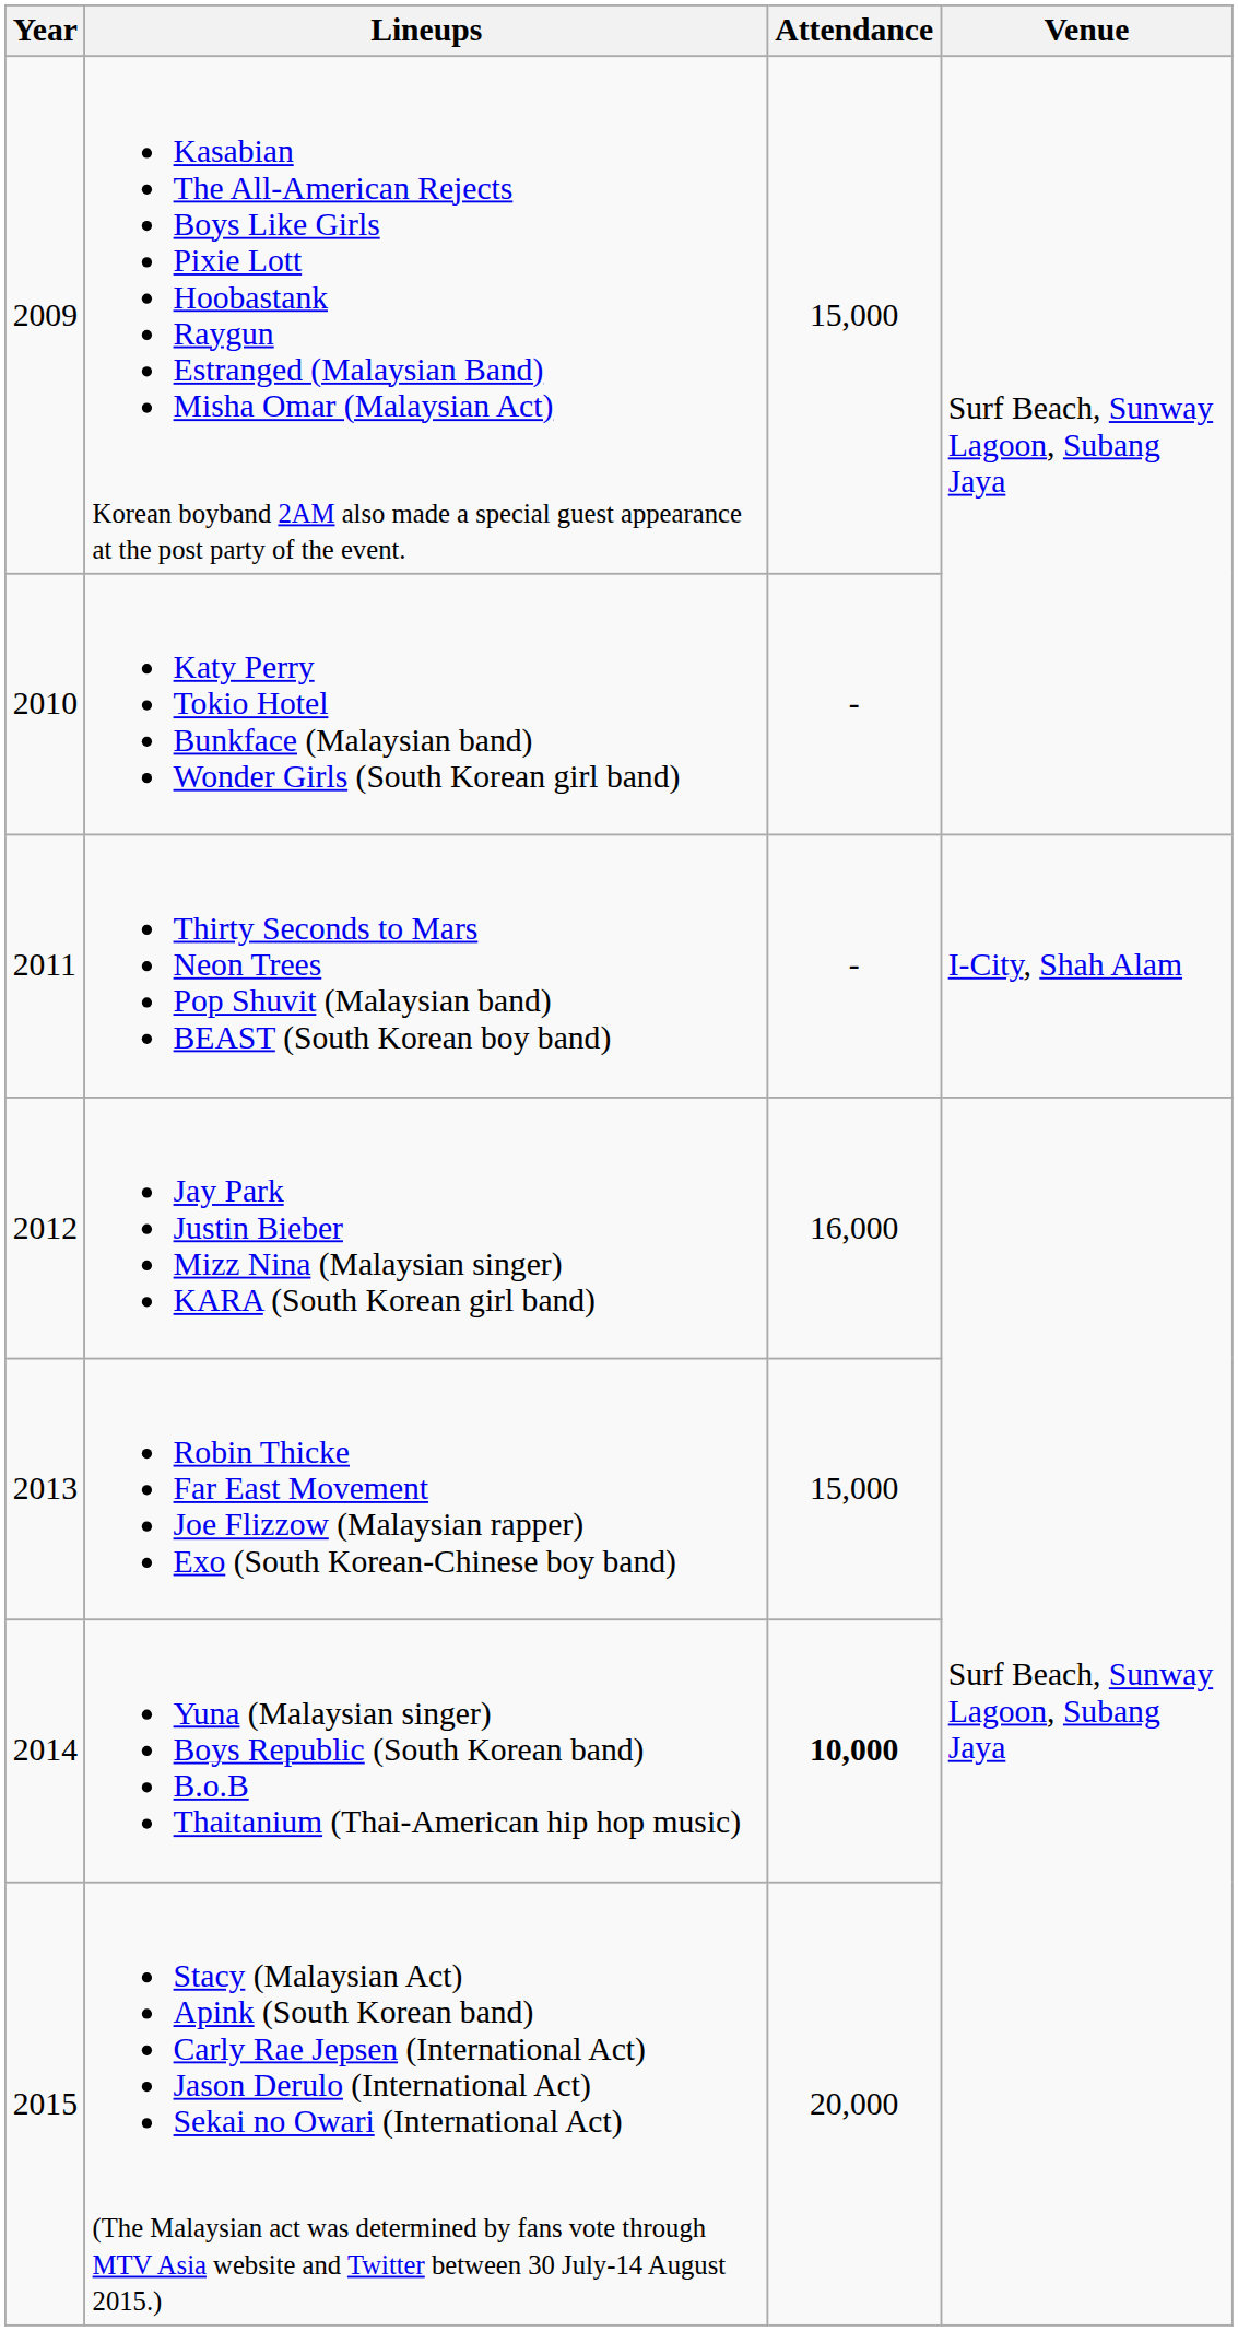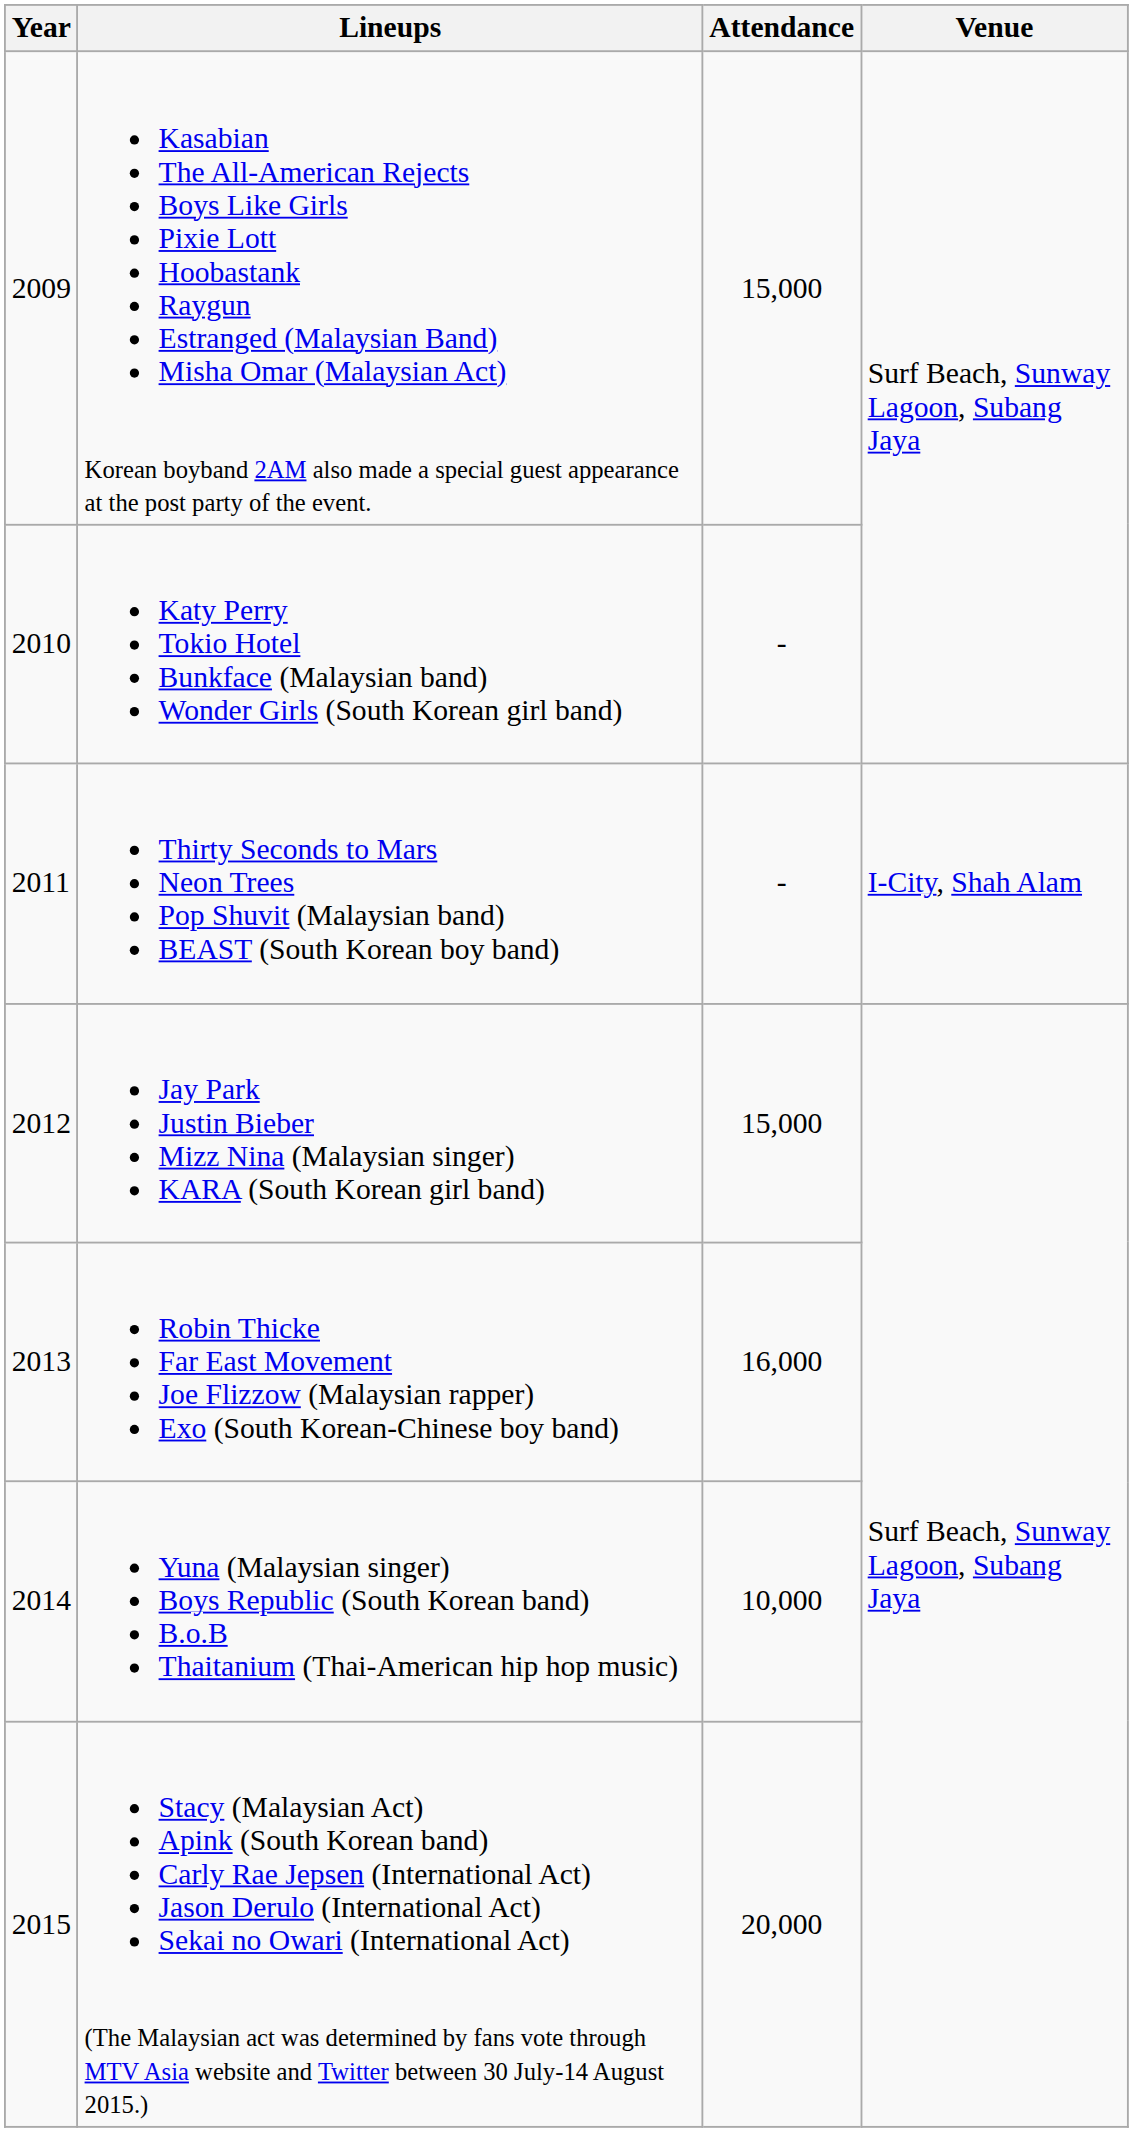 <table class="wikitable">
 <tr>
 <th>Year</th>
 <th>Lineups</th>
 <th>Attendance</th>
 <th>Venue</th>
 </tr>
 <tr>
 <td>2009</td>
 <td><br><ul><li><a href='#'>Kasabian</a></li><li><a href='#'>The All-American Rejects</a></li><li><a href='#'>Boys Like Girls</a></li><li><a href='#'>Pixie Lott</a></li><li><a href='#'>Hoobastank</a></li><li><a href='#'>Raygun</a></li><li><a href='#'>Estranged (Malaysian Band)</a></li><li><a href='#'>Misha Omar (Malaysian Act)</a></li></ul><br><small> Korean boyband <a href='#'>2AM</a> also made a special guest appearance at the post party of the event.</small></td>
 <td align=center>15,000</td>
 <td rowspan=2>Surf Beach, <a href='#'>Sunway Lagoon</a>, <a href='#'>Subang Jaya</a></td>
 </tr>
 <tr>
 <td>2010</td>
 <td><br><ul><li><a href='#'>Katy Perry</a></li><li><a href='#'>Tokio Hotel</a></li><li><a href='#'>Bunkface</a> (Malaysian band)</li><li><a href='#'>Wonder Girls</a> (South Korean girl band)</li></ul></td>
 <td align=center>-</td>
 </tr>
 <tr>
 <td>2011</td>
 <td><br><ul><li><a href='#'>Thirty Seconds to Mars</a></li><li><a href='#'>Neon Trees</a></li><li><a href='#'>Pop Shuvit</a> (Malaysian band)</li><li><a href='#'>BEAST</a> (South Korean boy band)</li></ul></td>
 <td align=center>-</td>
 <td><a href='#'>I-City</a>, <a href='#'>Shah Alam</a></td>
 </tr>
 <tr>
 <td>2012</td>
 <td><br><ul><li><a href='#'>Jay Park</a></li><li><a href='#'>Justin Bieber</a></li><li><a href='#'>Mizz Nina</a> (Malaysian singer)</li><li><a href='#'>KARA</a> (South Korean girl band)</li></ul></td>
-<td align=center>16,000</td>
+<td align=center>15,000</td>
 <td rowspan=4>Surf Beach, <a href='#'>Sunway Lagoon</a>, <a href='#'>Subang Jaya</a></td>
 </tr>
 <tr>
 <td>2013</td>
 <td><br><ul><li><a href='#'>Robin Thicke</a></li><li><a href='#'>Far East Movement</a></li><li><a href='#'>Joe Flizzow</a> (Malaysian rapper)</li><li><a href='#'>Exo</a> (South Korean-Chinese boy band)</li></ul></td>
-<td align=center>15,000</td>
+<td align=center>16,000</td>
 </tr>
 <tr>
 <td>2014</td>
 <td><br><ul><li><a href='#'>Yuna</a> (Malaysian singer)</li><li><a href='#'>Boys Republic</a> (South Korean band)</li><li><a href='#'>B.o.B</a></li><li><a href='#'>Thaitanium</a> (Thai-American hip hop music)</li></ul></td>
-<td align=center><strong>10,000</strong></td>
+<td align=center>10,000</td>
 </tr>
 <tr>
 <td>2015</td>
 <td><br><ul><li><a href='#'>Stacy</a> (Malaysian Act)</li><li><a href='#'>Apink</a> (South Korean band)</li><li><a href='#'>Carly Rae Jepsen</a> (International Act)</li><li><a href='#'>Jason Derulo</a> (International Act)</li><li><a href='#'>Sekai no Owari</a> (International Act)</li></ul><br><small>(The Malaysian act was determined by fans vote through <a href='#'>MTV Asia</a> website and <a href='#'>Twitter</a> between 30 July-14 August 2015.)</small></td>
 <td align=center>20,000</td>
 </tr>
 </table>
